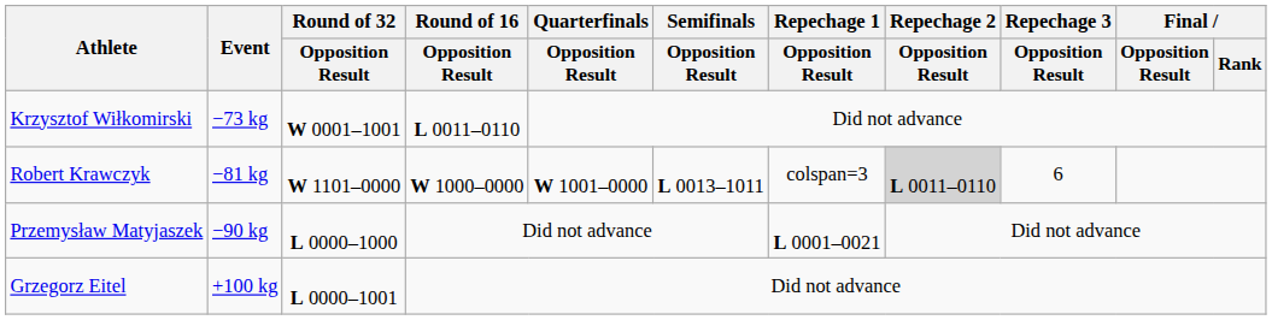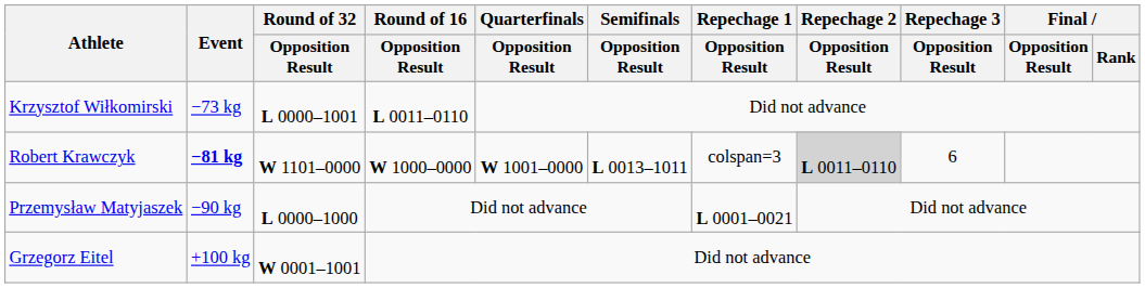 <table class="wikitable" style="font-size:90%">
 <tr>
 <th rowspan="2">Athlete</th>
 <th rowspan="2">Event</th>
 <th>Round of 32</th>
 <th>Round of 16</th>
 <th>Quarterfinals</th>
 <th>Semifinals</th>
 <th>Repechage 1</th>
 <th>Repechage 2</th>
 <th>Repechage 3</th>
 <th colspan=2>Final / </th>
 </tr>
 <tr style="font-size:95%">
 <th>Opposition<br>Result</th>
 <th>Opposition<br>Result</th>
 <th>Opposition<br>Result</th>
 <th>Opposition<br>Result</th>
 <th>Opposition<br>Result</th>
 <th>Opposition<br>Result</th>
 <th>Opposition<br>Result</th>
 <th>Opposition<br>Result</th>
 <th>Rank</th>
 </tr>
 <tr align=center>
 <td align=left><a href='#'>Krzysztof Wiłkomirski</a></td>
 <td align=left><a href='#'>−73 kg</a></td>
-<td><br><strong>W</strong> 0001–1001</td>
+<td><br><strong>L</strong> 0000–1001</td>
 <td><br><strong>L</strong> 0011–0110</td>
 <td colspan=7>Did not advance</td>
 </tr>
 <tr align=center>
 <td align=left><a href='#'>Robert Krawczyk</a></td>
-<td align=left><a href='#'>−81 kg</a></td>
+<td align=left><strong><a href='#'>−81 kg</a></strong></td>
 <td><br><strong>W</strong> 1101–0000</td>
 <td><br><strong>W</strong> 1000–0000</td>
 <td><br><strong>W</strong> 1001–0000</td>
 <td><br><strong>L</strong> 0013–1011</td>
 <td>colspan=3 </td>
 <td style="background: lightgrey;"><br><strong>L</strong> 0011–0110</td>
 <td>6</td>
 </tr>
 <tr align=center>
 <td align=left><a href='#'>Przemysław Matyjaszek</a></td>
 <td align=left><a href='#'>−90 kg</a></td>
 <td><br><strong>L</strong> 0000–1000</td>
 <td colspan=3>Did not advance</td>
 <td><br><strong>L</strong> 0001–0021</td>
 <td colspan=4>Did not advance</td>
 </tr>
 <tr align=center>
 <td align=left><a href='#'>Grzegorz Eitel</a></td>
 <td align=left><a href='#'>+100 kg</a></td>
-<td><br><strong>L</strong> 0000–1001</td>
+<td><br><strong>W</strong> 0001–1001</td>
 <td colspan=8>Did not advance</td>
 </tr>
 </table>
